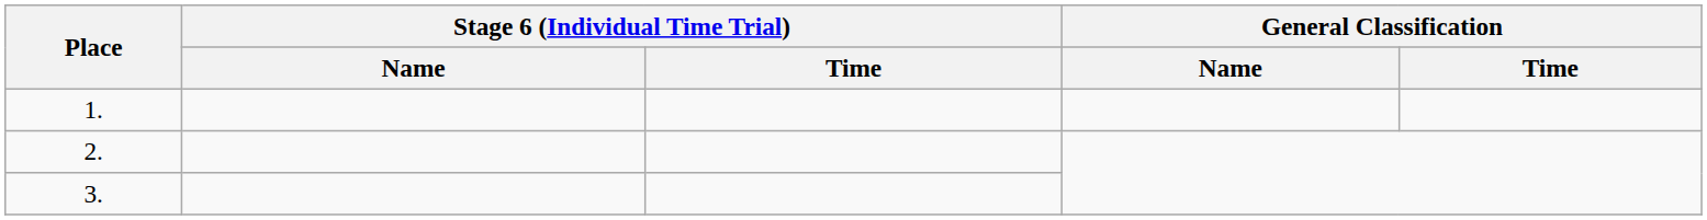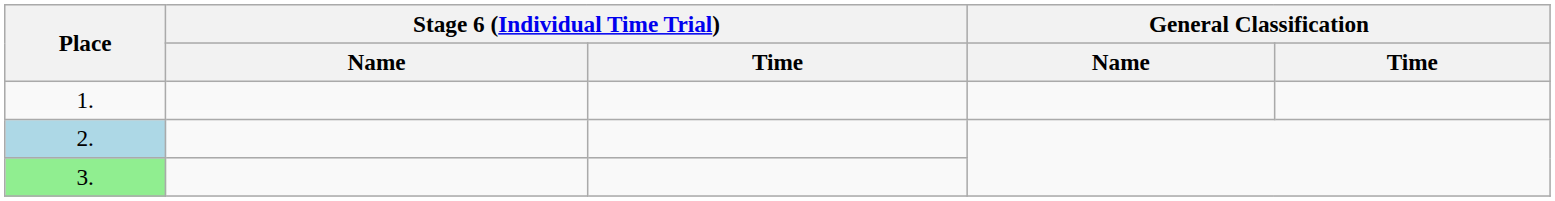 <table class=wikitable style="font-size:95%" width="80%">
 <tr>
 <th rowspan="2">Place</th>
 <th colspan="2">Stage 6 (<a href='#'>Individual Time Trial</a>)</th>
 <th colspan="2">General Classification</th>
 </tr>
 <tr>
 <th>Name</th>
 <th>Time</th>
 <th>Name</th>
 <th>Time</th>
 </tr>
 <tr>
 <td align="center">1.</td>
 <td></td>
 <td></td>
 <td></td>
 <td></td>
 </tr>
 <tr>
-<td align="center">2.</td>
+<td align="center" style="background: lightblue;">2.</td>
 <td></td>
 <td></td>
 </tr>
 <tr>
-<td align="center">3.</td>
+<td align="center" style="background: lightgreen;">3.</td>
 <td></td>
 <td></td>
 </tr>
 </table>
